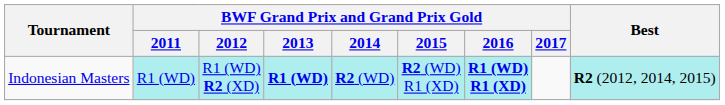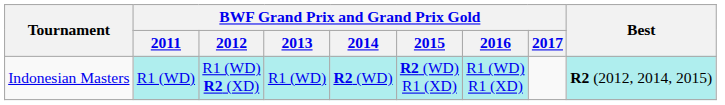 <table style='font-size: 90%; text-align:center;' class='wikitable'>
 <tr>
 <th rowspan="2">Tournament</th>
 <th colspan="7"><strong><a href='#'>BWF Grand Prix and Grand Prix Gold</a></strong></th>
 <th rowspan="2">Best</th>
 </tr>
 <tr>
 <th><a href='#'>2011</a></th>
 <th><a href='#'>2012</a></th>
 <th><a href='#'>2013</a></th>
 <th><a href='#'>2014</a></th>
 <th><a href='#'>2015</a></th>
 <th><a href='#'>2016</a></th>
 <th><a href='#'>2017</a></th>
 </tr>
 <tr>
 <td align=left><a href='#'>Indonesian Masters</a></td>
 <td bgcolor=AFEEEE><a href='#'>R1 (WD)</a></td>
 <td bgcolor=AFEEEE><a href='#'>R1 (WD)</a><br><a href='#'><strong>R2</strong> (XD)</a></td>
-<td bgcolor=AFEEEE><strong><a href='#'>R1 (WD)</a></strong></td>
+<td bgcolor=AFEEEE><a href='#'>R1 (WD)</a></td>
 <td bgcolor=AFEEEE><a href='#'><strong>R2</strong> (WD)</a></td>
 <td bgcolor=AFEEEE><a href='#'><strong>R2</strong> (WD)</a><br> <a href='#'>R1 (XD)</a></td>
-<td bgcolor=AFEEEE><strong><a href='#'>R1 (WD)</a><br> <a href='#'>R1 (XD)</a></strong></td>
+<td bgcolor=AFEEEE><a href='#'>R1 (WD)</a><br> <a href='#'>R1 (XD)</a></td>
 <td></td>
 <td bgcolor=AFEEEE><strong>R2</strong> (2012, 2014, 2015)</td>
 </tr>
 </table>
